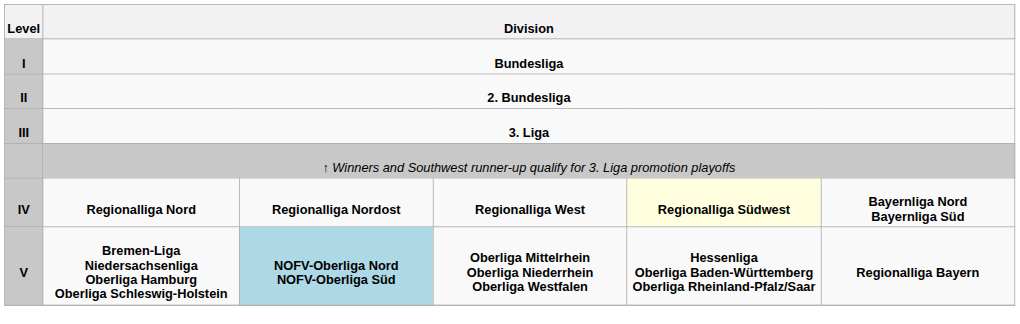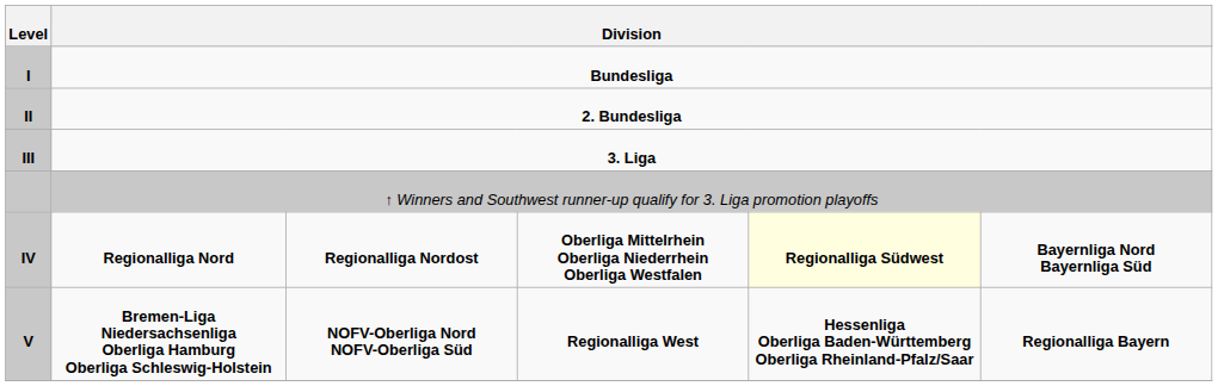 <table class="wikitable" style="text-align:center" height="30" width="100%">
 <tr style="background:#c8c8c8">
 <th colspan="1" height="30"><br>Level</th>
 <th colspan="5"><br>Division</th>
 </tr>
 <tr>
 <td colspan="1" style="background:#c8c8c8"><br><strong>I</strong></td>
 <td colspan="5"><br><strong>Bundesliga</strong></td>
 </tr>
 <tr>
 <td colspan="1" style="background:#c8c8c8"><br><strong>II</strong></td>
 <td colspan="5"><br><strong>2. Bundesliga</strong></td>
 </tr>
 <tr>
 <td colspan="1" style="background:#c8c8c8"><br><strong>III</strong></td>
 <td colspan="5"><br><strong>3. Liga</strong></td>
 </tr>
 <tr style="background:#c8c8c8">
 <td colspan="1"></td>
 <td colspan="5"><br><em> ↑ Winners and Southwest runner-up qualify for 3. Liga promotion playoffs</em></td>
 </tr>
 <tr>
 <td colspan="1" style="background:#c8c8c8"><br><strong>IV</strong></td>
 <td colspan="1"><br><strong>Regionalliga Nord</strong></td>
 <td colspan="1"><br><strong>Regionalliga Nordost</strong></td>
-<td colspan="1"><br><strong>Regionalliga West</strong></td>
+<td colspan="1" width="20%"><br><strong>Oberliga Mittelrhein</strong><br> <strong>Oberliga Niederrhein</strong><br> <strong>Oberliga Westfalen</strong></td>
 <td colspan="1" style="background: lightyellow;"><br><strong>Regionalliga Südwest</strong></td>
 <td colspan="1" width="20%"><br><strong>Bayernliga Nord</strong><br> <strong>Bayernliga Süd</strong></td>
 </tr>
 <tr>
 <td colspan="1" style="background:#c8c8c8"><br><strong>V</strong></td>
 <td colspan="1" width="20%"><br><strong>Bremen-Liga</strong><br> <strong>Niedersachsenliga</strong><br> <strong>Oberliga Hamburg</strong><br> <strong>Oberliga Schleswig-Holstein</strong></td>
-<td colspan="1" width="20%" style="background: lightblue;"><br><strong>NOFV-Oberliga Nord</strong><br> <strong>NOFV-Oberliga Süd</strong></td>
-<td colspan="1" width="20%"><br><strong>Oberliga Mittelrhein</strong><br> <strong>Oberliga Niederrhein</strong><br> <strong>Oberliga Westfalen</strong></td>
+<td colspan="1" width="20%"><br><strong>NOFV-Oberliga Nord</strong><br> <strong>NOFV-Oberliga Süd</strong></td>
+<td colspan="1"><br><strong>Regionalliga West</strong></td>
 <td colspan="1" width="20%"><br><strong>Hessenliga</strong><br> <strong>Oberliga Baden-Württemberg</strong><br>  <strong>Oberliga Rheinland-Pfalz/Saar</strong></td>
 <td colspan="1"><br><strong>Regionalliga Bayern</strong></td>
 </tr>
 <tr>
 </tr>
 </table>
